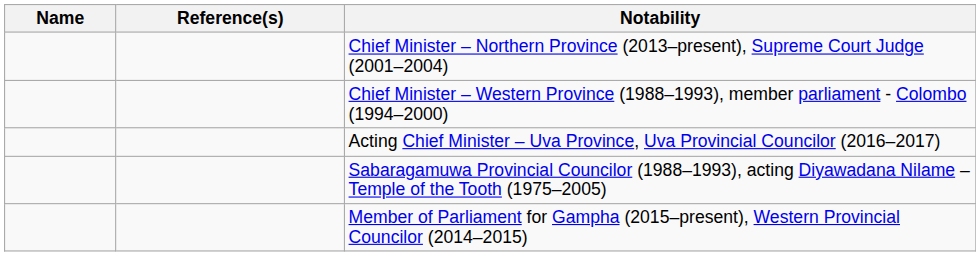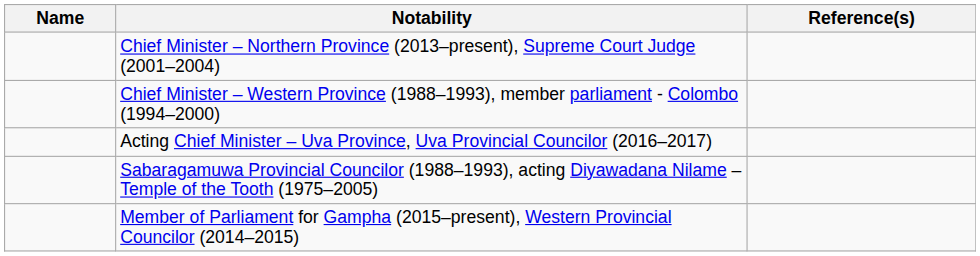 <table class="wikitable sortable" style="width:100%">
 <tr>
 <th style="width:*;">Name</th>
+<th style="width:65%;" class="unsortable">Notability</th>
 <th style="width:*;" class="unsortable">Reference(s)</th>
-<th style="width:65%;" class="unsortable">Notability</th>
 </tr>
 <tr>
 <td></td>
+<td><a href='#'>Chief Minister – Northern Province</a> (2013–present), <a href='#'>Supreme Court Judge</a> (2001–2004)</td>
 <td style="text-align:center;"></td>
-<td><a href='#'>Chief Minister – Northern Province</a> (2013–present), <a href='#'>Supreme Court Judge</a> (2001–2004)</td>
 </tr>
 <tr>
 <td></td>
+<td><a href='#'>Chief Minister – Western Province</a> (1988–1993), member <a href='#'>parliament</a> - <a href='#'>Colombo</a> (1994–2000)</td>
 <td style="text-align:center;"></td>
-<td><a href='#'>Chief Minister – Western Province</a> (1988–1993), member <a href='#'>parliament</a> - <a href='#'>Colombo</a> (1994–2000)</td>
 </tr>
 <tr>
 <td></td>
+<td>Acting <a href='#'>Chief Minister – Uva Province</a>, <a href='#'>Uva Provincial Councilor</a> (2016–2017)</td>
 <td style="text-align:center;"></td>
-<td>Acting <a href='#'>Chief Minister – Uva Province</a>, <a href='#'>Uva Provincial Councilor</a> (2016–2017)</td>
 </tr>
 <tr>
 <td></td>
+<td><a href='#'>Sabaragamuwa Provincial Councilor</a> (1988–1993), acting <a href='#'>Diyawadana Nilame</a> – <a href='#'>Temple of the Tooth</a> (1975–2005)</td>
 <td style="text-align:center;"></td>
-<td><a href='#'>Sabaragamuwa Provincial Councilor</a> (1988–1993), acting <a href='#'>Diyawadana Nilame</a> – <a href='#'>Temple of the Tooth</a> (1975–2005)</td>
 </tr>
 <tr>
 <td></td>
+<td><a href='#'>Member of Parliament</a> for <a href='#'>Gampha</a> (2015–present), <a href='#'>Western Provincial Councilor</a> (2014–2015)</td>
 <td style="text-align:center;"></td>
-<td><a href='#'>Member of Parliament</a> for <a href='#'>Gampha</a> (2015–present), <a href='#'>Western Provincial Councilor</a> (2014–2015)</td>
 </tr>
 </table>
